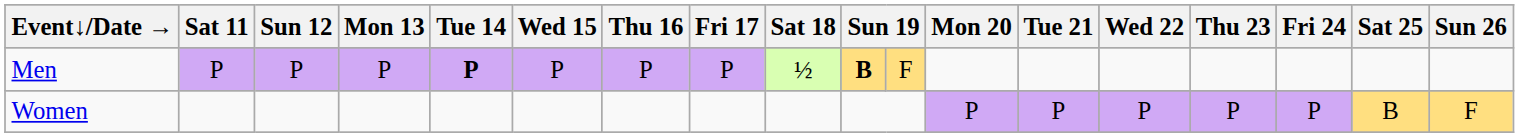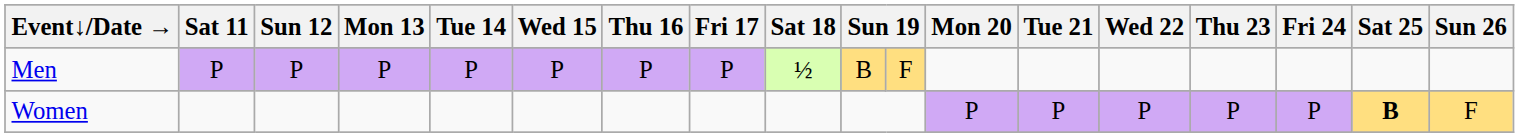 <table class="wikitable" style="margin:0.5em auto; font-size:90%; line-height:1.25em;">
 <tr style="text-align:center;">
 <th>Event↓/Date →</th>
 <th>Sat 11</th>
 <th>Sun 12</th>
 <th>Mon 13</th>
 <th>Tue 14</th>
 <th>Wed 15</th>
 <th>Thu 16</th>
 <th>Fri 17</th>
 <th>Sat 18</th>
 <th colspan=2>Sun 19</th>
 <th>Mon 20</th>
 <th>Tue 21</th>
 <th>Wed 22</th>
 <th>Thu 23</th>
 <th>Fri 24</th>
 <th>Sat 25</th>
 <th>Sun 26</th>
 </tr>
 <tr style="text-align:center;">
 <td style="text-align:left;"><a href='#'>Men</a></td>
 <td style="background-color:#D0A9F5;">P</td>
 <td style="background-color:#D0A9F5;">P</td>
 <td style="background-color:#D0A9F5;">P</td>
-<td style="background-color:#D0A9F5;"><strong>P</strong></td>
+<td style="background-color:#D0A9F5;">P</td>
 <td style="background-color:#D0A9F5;">P</td>
 <td style="background-color:#D0A9F5;">P</td>
 <td style="background-color:#D0A9F5;">P</td>
 <td style="background-color:#D9FFB2;">½</td>
-<td style="background-color:#FFDF80;"><strong>B</strong></td>
+<td style="background-color:#FFDF80;">B</td>
 <td style="background-color:#FFDF80;">F</td>
 <td></td>
 <td></td>
 <td></td>
 <td></td>
 <td></td>
 <td></td>
 <td></td>
 </tr>
 <tr style="text-align:center;">
 <td style="text-align:left;"><a href='#'>Women</a></td>
 <td></td>
 <td></td>
 <td></td>
 <td></td>
 <td></td>
 <td></td>
 <td></td>
 <td></td>
 <td colspan=2></td>
 <td style="background-color:#D0A9F5;">P</td>
 <td style="background-color:#D0A9F5;">P</td>
 <td style="background-color:#D0A9F5;">P</td>
 <td style="background-color:#D0A9F5;">P</td>
 <td style="background-color:#D0A9F5;">P</td>
-<td style="background-color:#FFDF80;">B</td>
+<td style="background-color:#FFDF80;"><strong>B</strong></td>
 <td style="background-color:#FFDF80;">F</td>
 </tr>
 </table>
